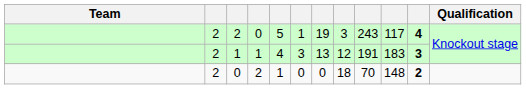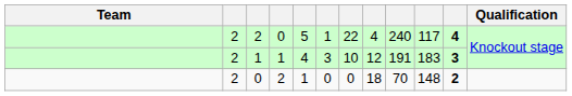 <table class=wikitable style="text-align:center">
 <tr>
 <th width=250>Team</th>
 <th width=20></th>
 <th width=20></th>
 <th width=20></th>
 <th width=20></th>
 <th width=20></th>
 <th width=20></th>
 <th width=20></th>
 <th width=20></th>
 <th width=20></th>
 <th width=20></th>
 <th>Qualification</th>
 </tr>
 <tr style="background-color:#ccffcc;">
 <td style="text-align:left;"></td>
 <td>2</td>
 <td>2</td>
 <td>0</td>
 <td>5</td>
 <td>1</td>
-<td>19</td>
-<td>3</td>
-<td>243</td>
+<td>22</td>
+<td>4</td>
+<td>240</td>
 <td>117</td>
 <td><strong>4</strong></td>
 <td rowspan=2><a href='#'>Knockout stage</a></td>
 </tr>
 <tr style="background-color:#ccffcc;">
 <td style="text-align:left;"></td>
 <td>2</td>
 <td>1</td>
 <td>1</td>
 <td>4</td>
 <td>3</td>
-<td>13</td>
+<td>10</td>
 <td>12</td>
 <td>191</td>
 <td>183</td>
 <td><strong>3</strong></td>
 </tr>
 <tr>
 <td style="text-align:left;"></td>
 <td>2</td>
 <td>0</td>
 <td>2</td>
 <td>1</td>
 <td>0</td>
 <td>0</td>
 <td>18</td>
 <td>70</td>
 <td>148</td>
 <td><strong>2</strong></td>
 <td></td>
 </tr>
 </table>
